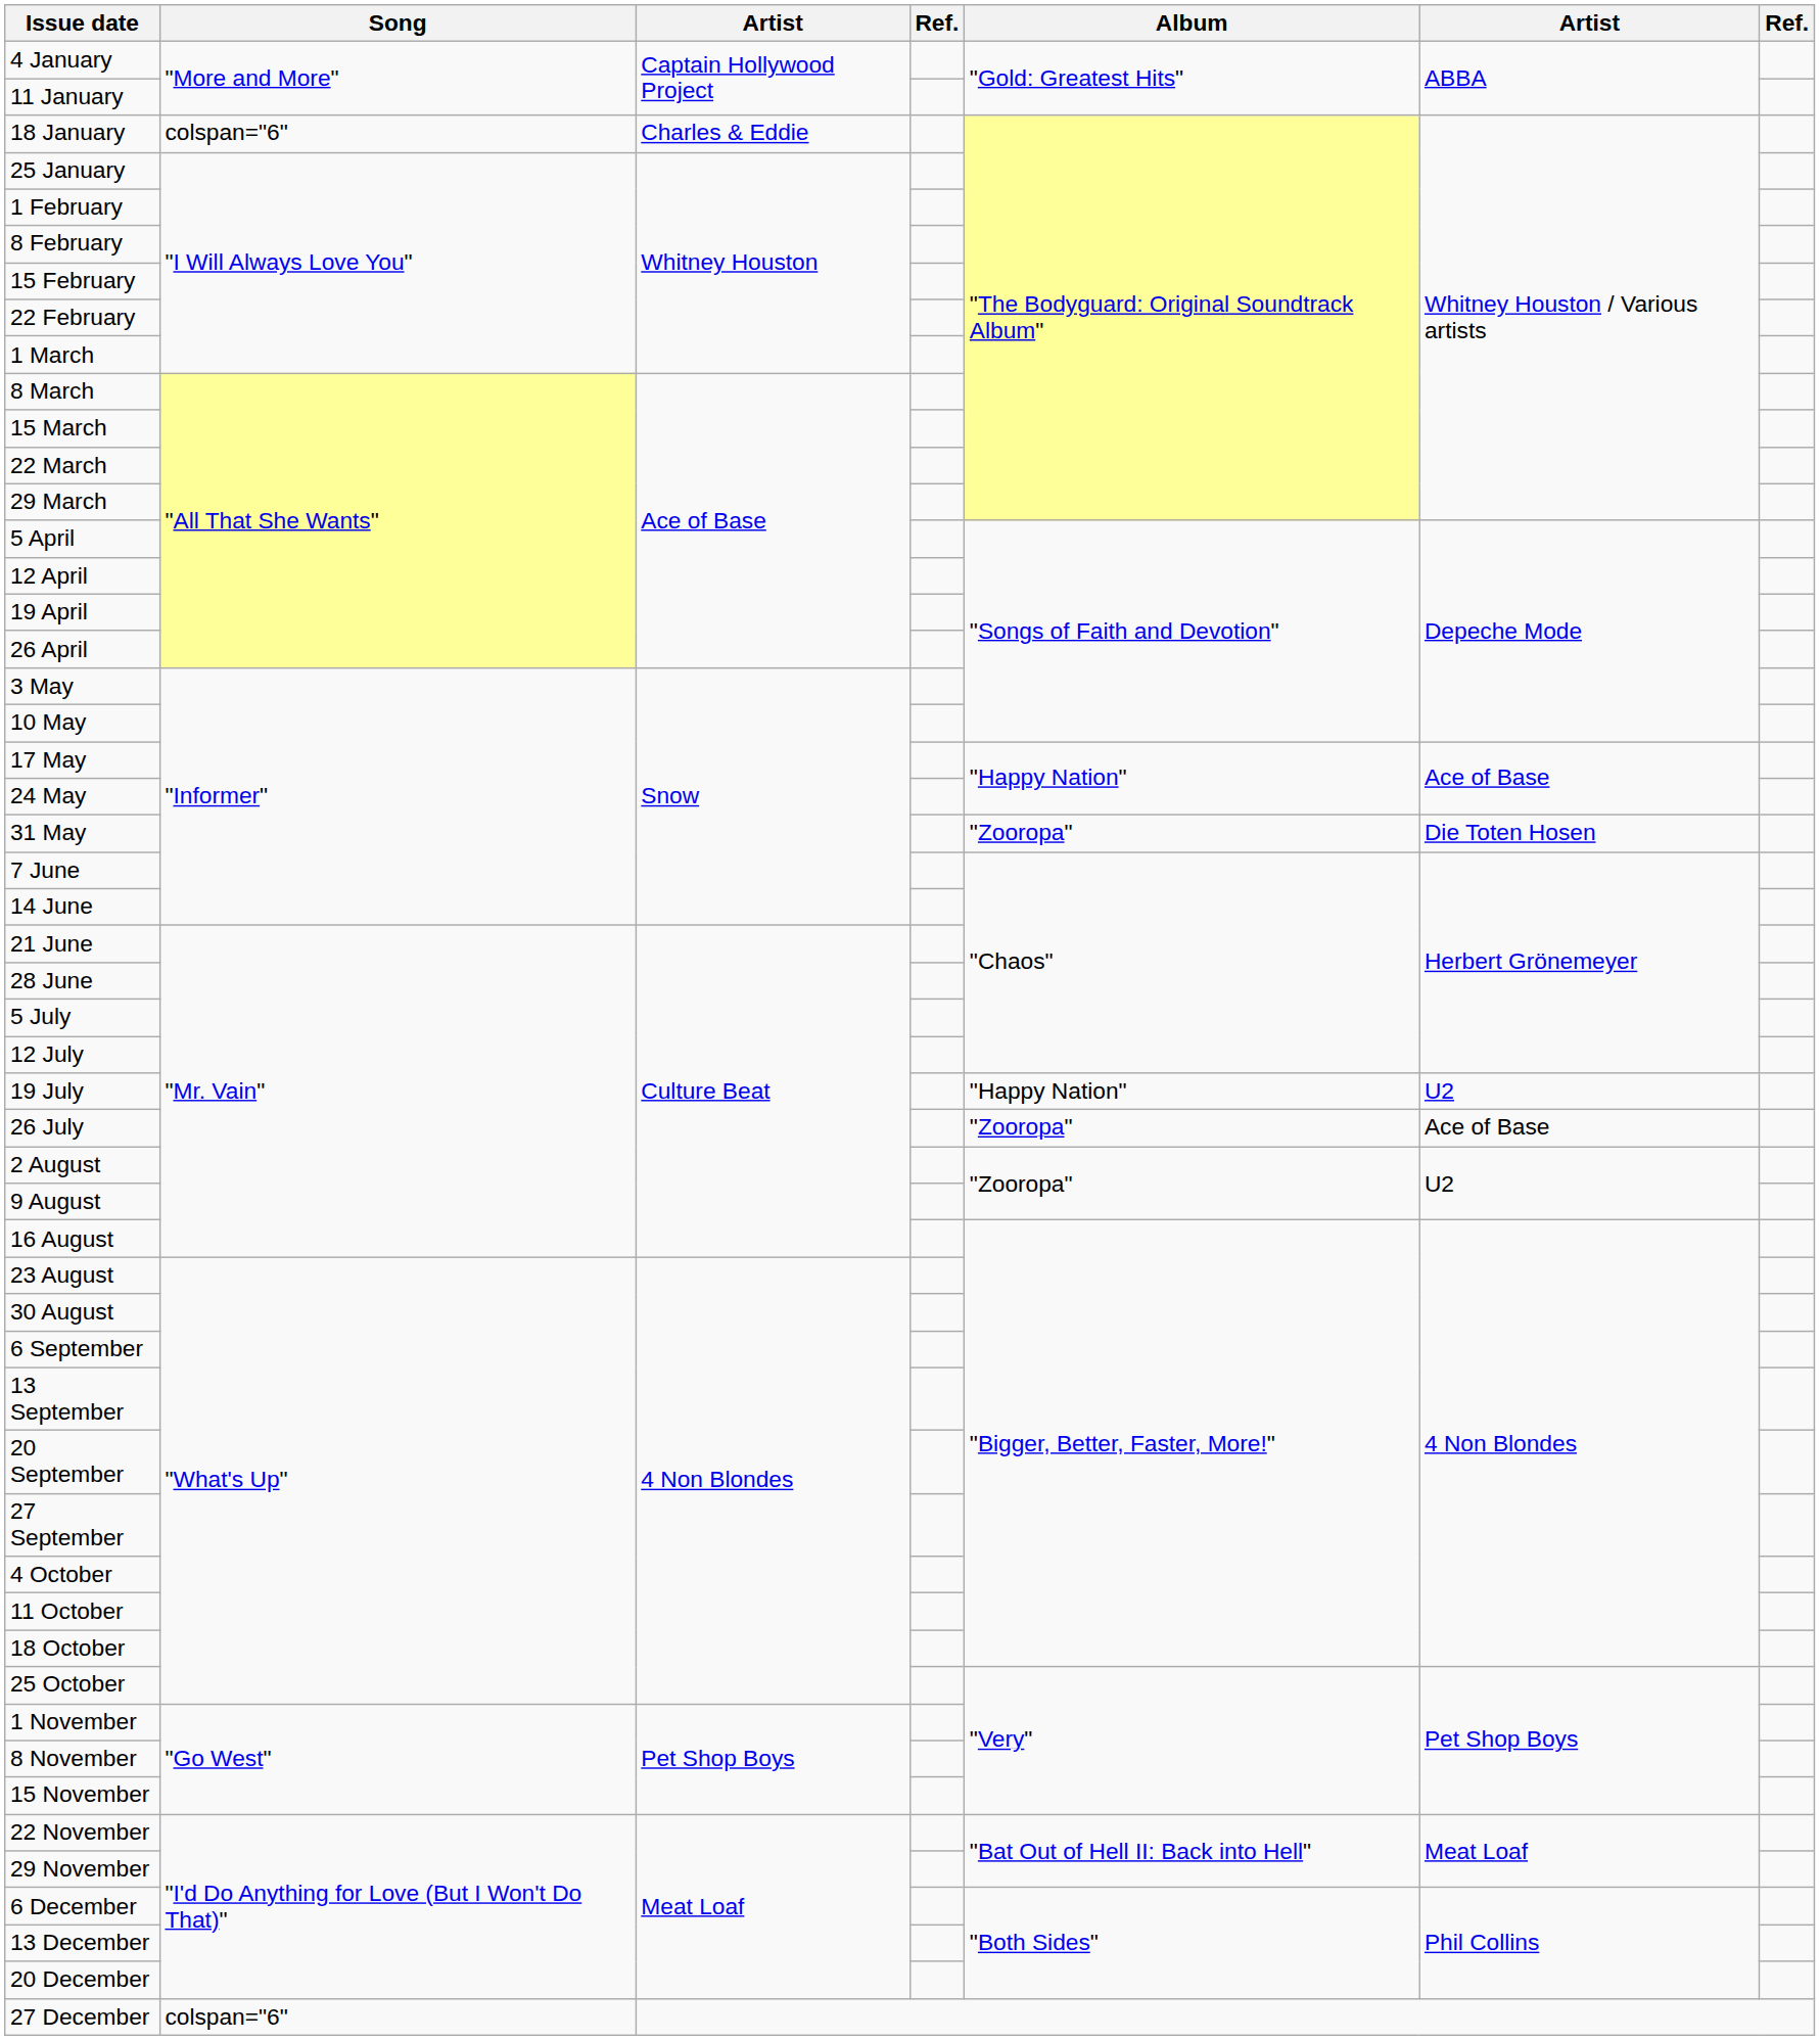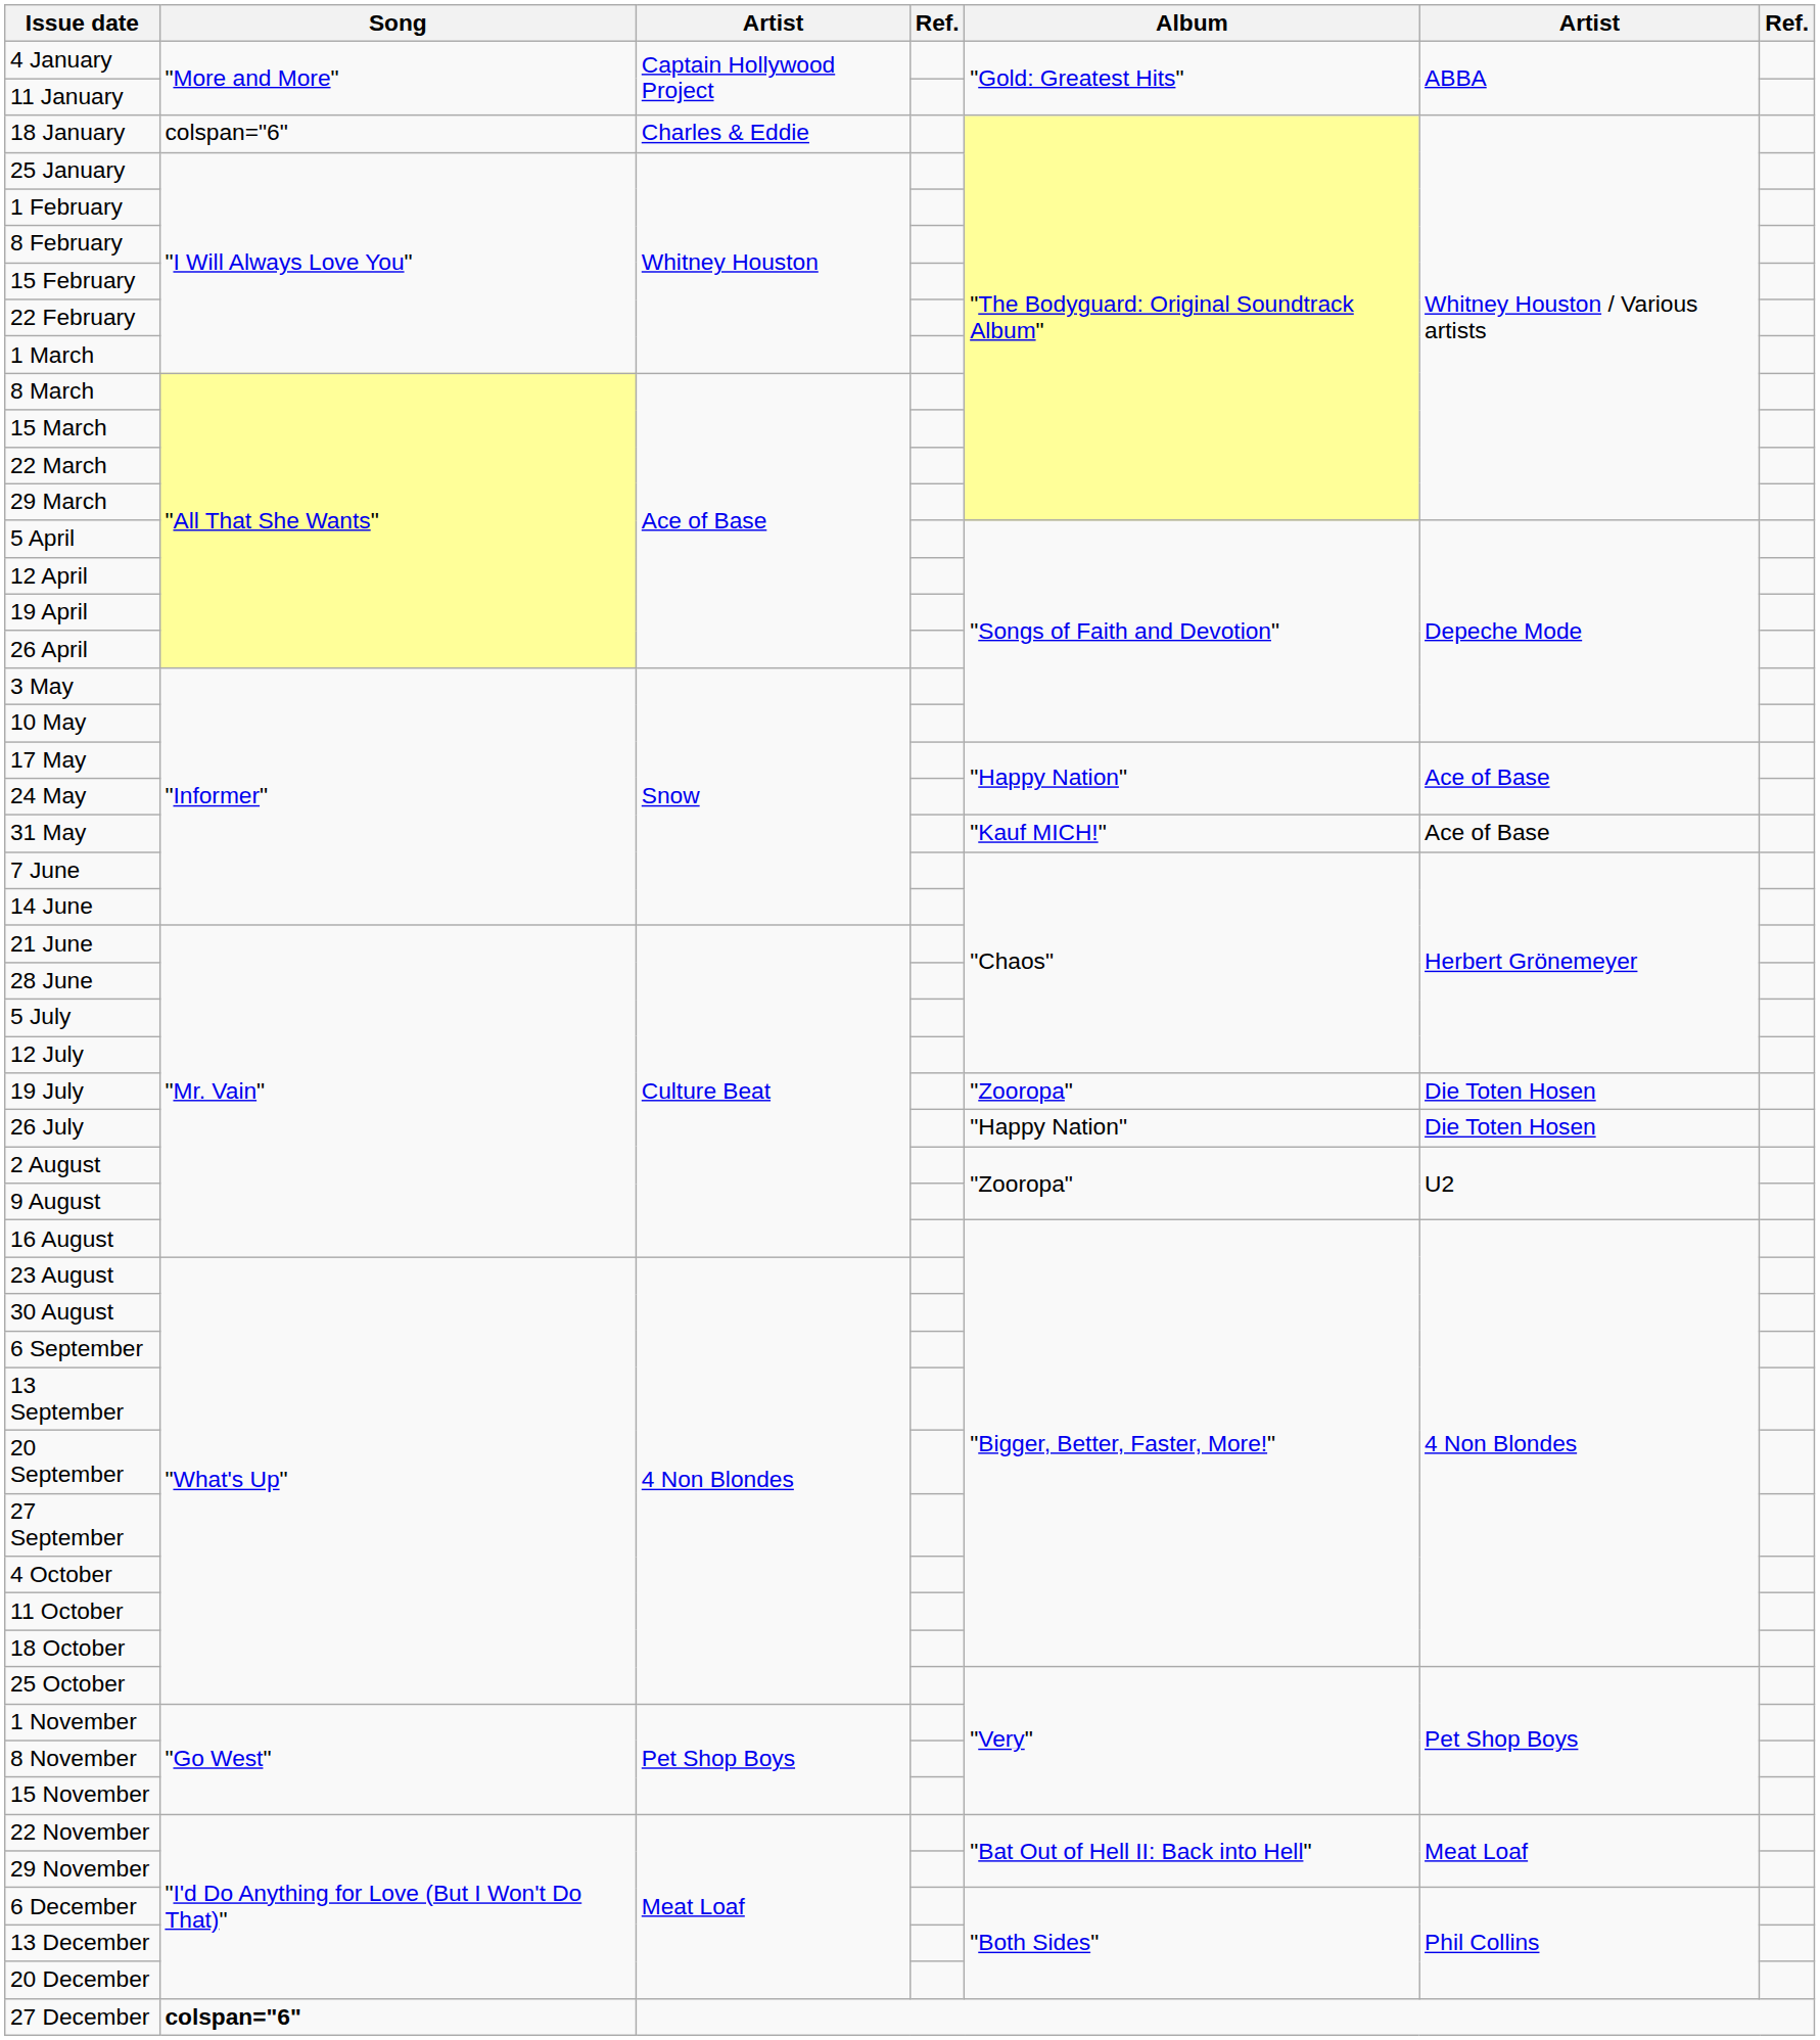 <table class="sortable wikitable">
 <tr>
 <th>Issue date</th>
 <th>Song</th>
 <th>Artist</th>
 <th>Ref.</th>
 <th>Album</th>
 <th>Artist</th>
 <th>Ref.</th>
 </tr>
 <tr>
 <td>4 January</td>
 <td rowspan="2">"<a href='#'>More and More</a>"</td>
 <td rowspan="2"><a href='#'>Captain Hollywood Project</a></td>
 <td align="center"></td>
 <td rowspan="2">"<a href='#'>Gold: Greatest Hits</a>"</td>
 <td rowspan="2"><a href='#'>ABBA</a></td>
 <td align="center"></td>
 </tr>
 <tr>
 <td>11 January</td>
 <td align="center"></td>
 <td align="center"></td>
 </tr>
 <tr>
 <td>18 January</td>
 <td>colspan="6" </td>
 <td><a href='#'>Charles & Eddie</a></td>
 <td align="center"></td>
 <td bgcolor=#FFFF99 rowspan="11">"<a href='#'>The Bodyguard: Original Soundtrack Album</a>" </td>
 <td rowspan="11"><a href='#'>Whitney Houston</a> / Various artists</td>
 <td align="center"></td>
 </tr>
 <tr>
 <td>25 January</td>
 <td rowspan="6">"<a href='#'>I Will Always Love You</a>"</td>
 <td rowspan="6"><a href='#'>Whitney Houston</a></td>
 <td align="center"></td>
 <td align="center"></td>
 </tr>
 <tr>
 <td>1 February</td>
 <td align="center"></td>
 <td align="center"></td>
 </tr>
 <tr>
 <td>8 February</td>
 <td align="center"></td>
 <td align="center"></td>
 </tr>
 <tr>
 <td>15 February</td>
 <td align="center"></td>
 <td align="center"></td>
 </tr>
 <tr>
 <td>22 February</td>
 <td align="center"></td>
 <td align="center"></td>
 </tr>
 <tr>
 <td>1 March</td>
 <td align="center"></td>
 <td align="center"></td>
 </tr>
 <tr>
 <td>8 March</td>
 <td bgcolor=#FFFF99 rowspan="8">"<a href='#'>All That She Wants</a>"</td>
 <td rowspan="8"><a href='#'>Ace of Base</a></td>
 <td align="center"></td>
 <td align="center"></td>
 </tr>
 <tr>
 <td>15 March</td>
 <td align="center"></td>
 <td align="center"></td>
 </tr>
 <tr>
 <td>22 March</td>
 <td align="center"></td>
 <td align="center"></td>
 </tr>
 <tr>
 <td>29 March</td>
 <td align="center"></td>
 <td align="center"></td>
 </tr>
 <tr>
 <td>5 April</td>
 <td align="center"></td>
 <td rowspan="6">"<a href='#'>Songs of Faith and Devotion</a>"</td>
 <td rowspan="6"><a href='#'>Depeche Mode</a></td>
 <td align="center"></td>
 </tr>
 <tr>
 <td>12 April</td>
 <td align="center"></td>
 <td align="center"></td>
 </tr>
 <tr>
 <td>19 April</td>
 <td align="center"></td>
 <td align="center"></td>
 </tr>
 <tr>
 <td>26 April</td>
 <td align="center"></td>
 <td align="center"></td>
 </tr>
 <tr>
 <td>3 May</td>
 <td rowspan="7">"<a href='#'>Informer</a>"</td>
 <td rowspan="7"><a href='#'>Snow</a></td>
 <td align="center"></td>
 <td align="center"></td>
 </tr>
 <tr>
 <td>10 May</td>
 <td align="center"></td>
 <td align="center"></td>
 </tr>
 <tr>
 <td>17 May</td>
 <td align="center"></td>
 <td rowspan="2">"<a href='#'>Happy Nation</a>"</td>
 <td rowspan="2"><a href='#'>Ace of Base</a></td>
 <td align="center"></td>
 </tr>
 <tr>
 <td>24 May</td>
 <td align="center"></td>
 <td align="center"></td>
 </tr>
 <tr>
 <td>31 May</td>
 <td align="center"></td>
-<td>"<a href='#'>Zooropa</a>"</td>
-<td><a href='#'>Die Toten Hosen</a></td>
+<td>"<a href='#'>Kauf MICHǃ</a>"</td>
+<td>Ace of Base</td>
 <td align="center"></td>
 </tr>
 <tr>
 <td>7 June</td>
 <td align="center"></td>
 <td rowspan="6">"Chaos"</td>
 <td rowspan="6"><a href='#'>Herbert Grönemeyer</a></td>
 <td align="center"></td>
 </tr>
 <tr>
 <td>14 June</td>
 <td align="center"></td>
 <td align="center"></td>
 </tr>
 <tr>
 <td>21 June</td>
 <td rowspan="9">"<a href='#'>Mr. Vain</a>"</td>
 <td rowspan="9"><a href='#'>Culture Beat</a></td>
 <td align="center"></td>
 <td align="center"></td>
 </tr>
 <tr>
 <td>28 June</td>
 <td align="center"></td>
 <td align="center"></td>
 </tr>
 <tr>
 <td>5 July</td>
 <td align="center"></td>
 <td align="center"></td>
 </tr>
 <tr>
 <td>12 July</td>
 <td align="center"></td>
 <td align="center"></td>
 </tr>
 <tr>
 <td>19 July</td>
 <td align="center"></td>
-<td>"Happy Nation"</td>
-<td><a href='#'>U2</a></td>
+<td>"<a href='#'>Zooropa</a>"</td>
+<td><a href='#'>Die Toten Hosen</a></td>
 <td align="center"></td>
 </tr>
 <tr>
 <td>26 July</td>
 <td align="center"></td>
-<td>"<a href='#'>Zooropa</a>"</td>
-<td>Ace of Base</td>
+<td>"Happy Nation"</td>
+<td><a href='#'>Die Toten Hosen</a></td>
 <td align="center"></td>
 </tr>
 <tr>
 <td>2 August</td>
 <td align="center"></td>
 <td rowspan="2">"Zooropa"</td>
 <td rowspan="2">U2</td>
 <td align="center"></td>
 </tr>
 <tr>
 <td>9 August</td>
 <td align="center"></td>
 <td align="center"></td>
 </tr>
 <tr>
 <td>16 August</td>
 <td align="center"></td>
 <td rowspan="10">"<a href='#'>Bigger, Better, Faster, More!</a>"</td>
 <td rowspan="10"><a href='#'>4 Non Blondes</a></td>
 <td align="center"></td>
 </tr>
 <tr>
 <td>23 August</td>
 <td rowspan="10">"<a href='#'>What's Up</a>"</td>
 <td rowspan="10"><a href='#'>4 Non Blondes</a></td>
 <td align="center"></td>
 <td align="center"></td>
 </tr>
 <tr>
 <td>30 August</td>
 <td align="center"></td>
 <td align="center"></td>
 </tr>
 <tr>
 <td>6 September</td>
 <td align="center"></td>
 <td align="center"></td>
 </tr>
 <tr>
 <td>13 September</td>
 <td align="center"></td>
 <td align="center"></td>
 </tr>
 <tr>
 <td>20 September</td>
 <td align="center"></td>
 <td align="center"></td>
 </tr>
 <tr>
 <td>27 September</td>
 <td align="center"></td>
 <td align="center"></td>
 </tr>
 <tr>
 <td>4 October</td>
 <td align="center"></td>
 <td align="center"></td>
 </tr>
 <tr>
 <td>11 October</td>
 <td align="center"></td>
 <td align="center"></td>
 </tr>
 <tr>
 <td>18 October</td>
 <td align="center"></td>
 <td align="center"></td>
 </tr>
 <tr>
 <td>25 October</td>
 <td align="center"></td>
 <td rowspan="4">"<a href='#'>Very</a>"</td>
 <td rowspan="4"><a href='#'>Pet Shop Boys</a></td>
 <td align="center"></td>
 </tr>
 <tr>
 <td>1 November</td>
 <td rowspan="3">"<a href='#'>Go West</a>"</td>
 <td rowspan="3"><a href='#'>Pet Shop Boys</a></td>
 <td align="center"></td>
 <td align="center"></td>
 </tr>
 <tr>
 <td>8 November</td>
 <td align="center"></td>
 <td align="center"></td>
 </tr>
 <tr>
 <td>15 November</td>
 <td align="center"></td>
 <td align="center"></td>
 </tr>
 <tr>
 <td>22 November</td>
 <td rowspan="5">"<a href='#'>I'd Do Anything for Love (But I Won't Do That)</a>"</td>
 <td rowspan="5"><a href='#'>Meat Loaf</a></td>
 <td align="center"></td>
 <td rowspan="2">"<a href='#'>Bat Out of Hell II: Back into Hell</a>"</td>
 <td rowspan="2"><a href='#'>Meat Loaf</a></td>
 <td align="center"></td>
 </tr>
 <tr>
 <td>29 November</td>
 <td align="center"></td>
 <td align="center"></td>
 </tr>
 <tr>
 <td>6 December</td>
 <td align="center"></td>
 <td rowspan="3">"<a href='#'>Both Sides</a>"</td>
 <td rowspan="3"><a href='#'>Phil Collins</a></td>
 <td align="center"></td>
 </tr>
 <tr>
 <td>13 December</td>
 <td align="center"></td>
 <td align="center"></td>
 </tr>
 <tr>
 <td>20 December</td>
 <td align="center"></td>
 <td align="center"></td>
 </tr>
 <tr>
 <td>27 December</td>
-<td>colspan="6" </td>
+<td><strong>colspan="6" </strong></td>
 </tr>
 </table>
